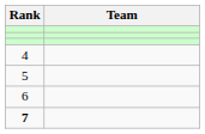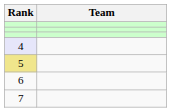 <table class="wikitable" style="text-align: center;">
 <tr>
 <th width=40>Rank</th>
 <th width=180>Team</th>
 </tr>
 <tr bgcolor=#CCFFCC>
 <td></td>
 <td style="text-align:left;"></td>
 </tr>
 <tr bgcolor=#CCFFCC>
 <td></td>
 <td style="text-align:left;"></td>
 </tr>
 <tr bgcolor=#CCFFCC>
 <td></td>
 <td style="text-align:left;"></td>
 </tr>
 <tr>
-<td>4</td>
+<td style="background: lavender;">4</td>
 <td style="text-align:left;"></td>
 </tr>
 <tr align=center>
-<td>5</td>
+<td style="background: khaki;">5</td>
 <td style="text-align:left;"></td>
 </tr>
 <tr align=center>
 <td>6</td>
 <td style="text-align:left;"></td>
 </tr>
 <tr align=center>
-<td><strong>7</strong></td>
+<td>7</td>
 <td style="text-align:left;"></td>
 </tr>
 </table>
